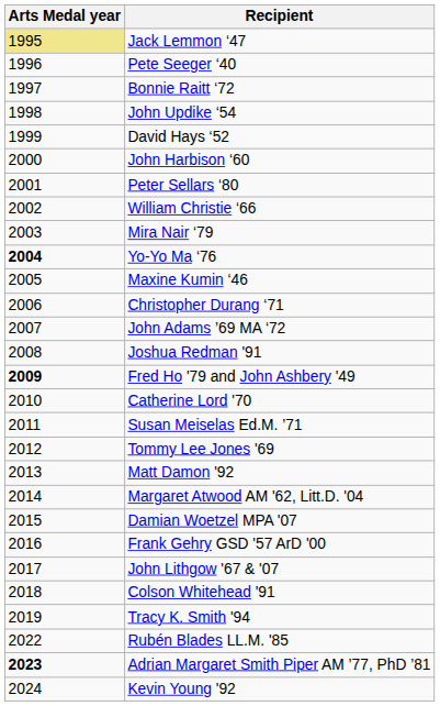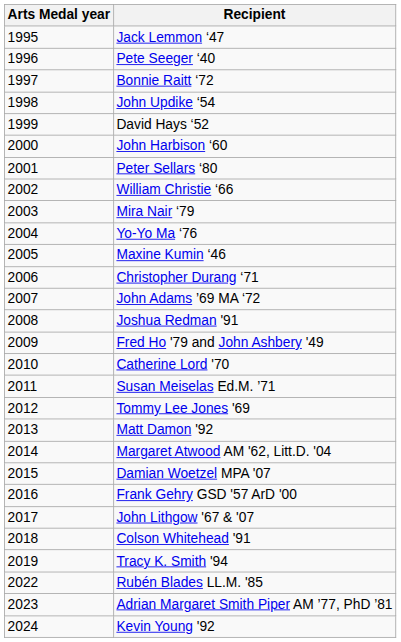 <table class="wikitable">
 <tr>
 <th>Arts Medal year</th>
 <th>Recipient</th>
 </tr>
 <tr>
-<td style="background: khaki;">1995</td>
+<td>1995</td>
 <td><a href='#'>Jack Lemmon</a> ‘47</td>
 </tr>
 <tr>
 <td>1996</td>
 <td><a href='#'>Pete Seeger</a> ‘40</td>
 </tr>
 <tr>
 <td>1997</td>
 <td><a href='#'>Bonnie Raitt</a> ‘72</td>
 </tr>
 <tr>
 <td>1998</td>
 <td><a href='#'>John Updike</a> ‘54</td>
 </tr>
 <tr>
 <td>1999</td>
 <td>David Hays ‘52</td>
 </tr>
 <tr>
 <td>2000</td>
 <td><a href='#'>John Harbison</a> ‘60</td>
 </tr>
 <tr>
 <td>2001</td>
 <td><a href='#'>Peter Sellars</a> ‘80</td>
 </tr>
 <tr>
 <td>2002</td>
 <td><a href='#'>William Christie</a> ‘66</td>
 </tr>
 <tr>
 <td>2003</td>
 <td><a href='#'>Mira Nair</a> ‘79</td>
 </tr>
 <tr>
-<td><strong>2004</strong></td>
+<td>2004</td>
 <td><a href='#'>Yo-Yo Ma</a> ‘76</td>
 </tr>
 <tr>
 <td>2005</td>
 <td><a href='#'>Maxine Kumin</a> ‘46</td>
 </tr>
 <tr>
 <td>2006</td>
 <td><a href='#'>Christopher Durang</a> ‘71</td>
 </tr>
 <tr>
 <td>2007</td>
 <td><a href='#'>John Adams</a> ’69 MA ‘72</td>
 </tr>
 <tr>
 <td>2008</td>
 <td><a href='#'>Joshua Redman</a> '91</td>
 </tr>
 <tr>
-<td><strong>2009</strong></td>
+<td>2009</td>
 <td><a href='#'>Fred Ho</a> '79 and <a href='#'>John Ashbery</a> '49</td>
 </tr>
 <tr>
 <td>2010</td>
 <td><a href='#'>Catherine Lord</a> '70</td>
 </tr>
 <tr>
 <td>2011</td>
 <td><a href='#'>Susan Meiselas</a> Ed.M. ’71</td>
 </tr>
 <tr>
 <td>2012</td>
 <td><a href='#'>Tommy Lee Jones</a> '69</td>
 </tr>
 <tr>
 <td>2013</td>
 <td><a href='#'>Matt Damon</a> '92</td>
 </tr>
 <tr>
 <td>2014</td>
 <td><a href='#'>Margaret Atwood</a> AM '62, Litt.D. '04</td>
 </tr>
 <tr>
 <td>2015</td>
 <td><a href='#'>Damian Woetzel</a> MPA '07</td>
 </tr>
 <tr>
 <td>2016</td>
 <td><a href='#'>Frank Gehry</a> GSD '57 ArD '00</td>
 </tr>
 <tr>
 <td>2017</td>
 <td><a href='#'>John Lithgow</a> '67 & '07</td>
 </tr>
 <tr>
 <td>2018</td>
 <td><a href='#'>Colson Whitehead</a> '91</td>
 </tr>
 <tr>
 <td>2019</td>
 <td><a href='#'>Tracy K. Smith</a> '94</td>
 </tr>
 <tr>
 <td>2022</td>
 <td><a href='#'>Rubén Blades</a> LL.M. '85</td>
 </tr>
 <tr>
-<td><strong>2023</strong></td>
+<td>2023</td>
 <td><a href='#'>Adrian Margaret Smith Piper</a> AM ’77, PhD ’81</td>
 </tr>
 <tr>
 <td>2024</td>
 <td><a href='#'>Kevin Young</a> '92</td>
 </tr>
 </table>
